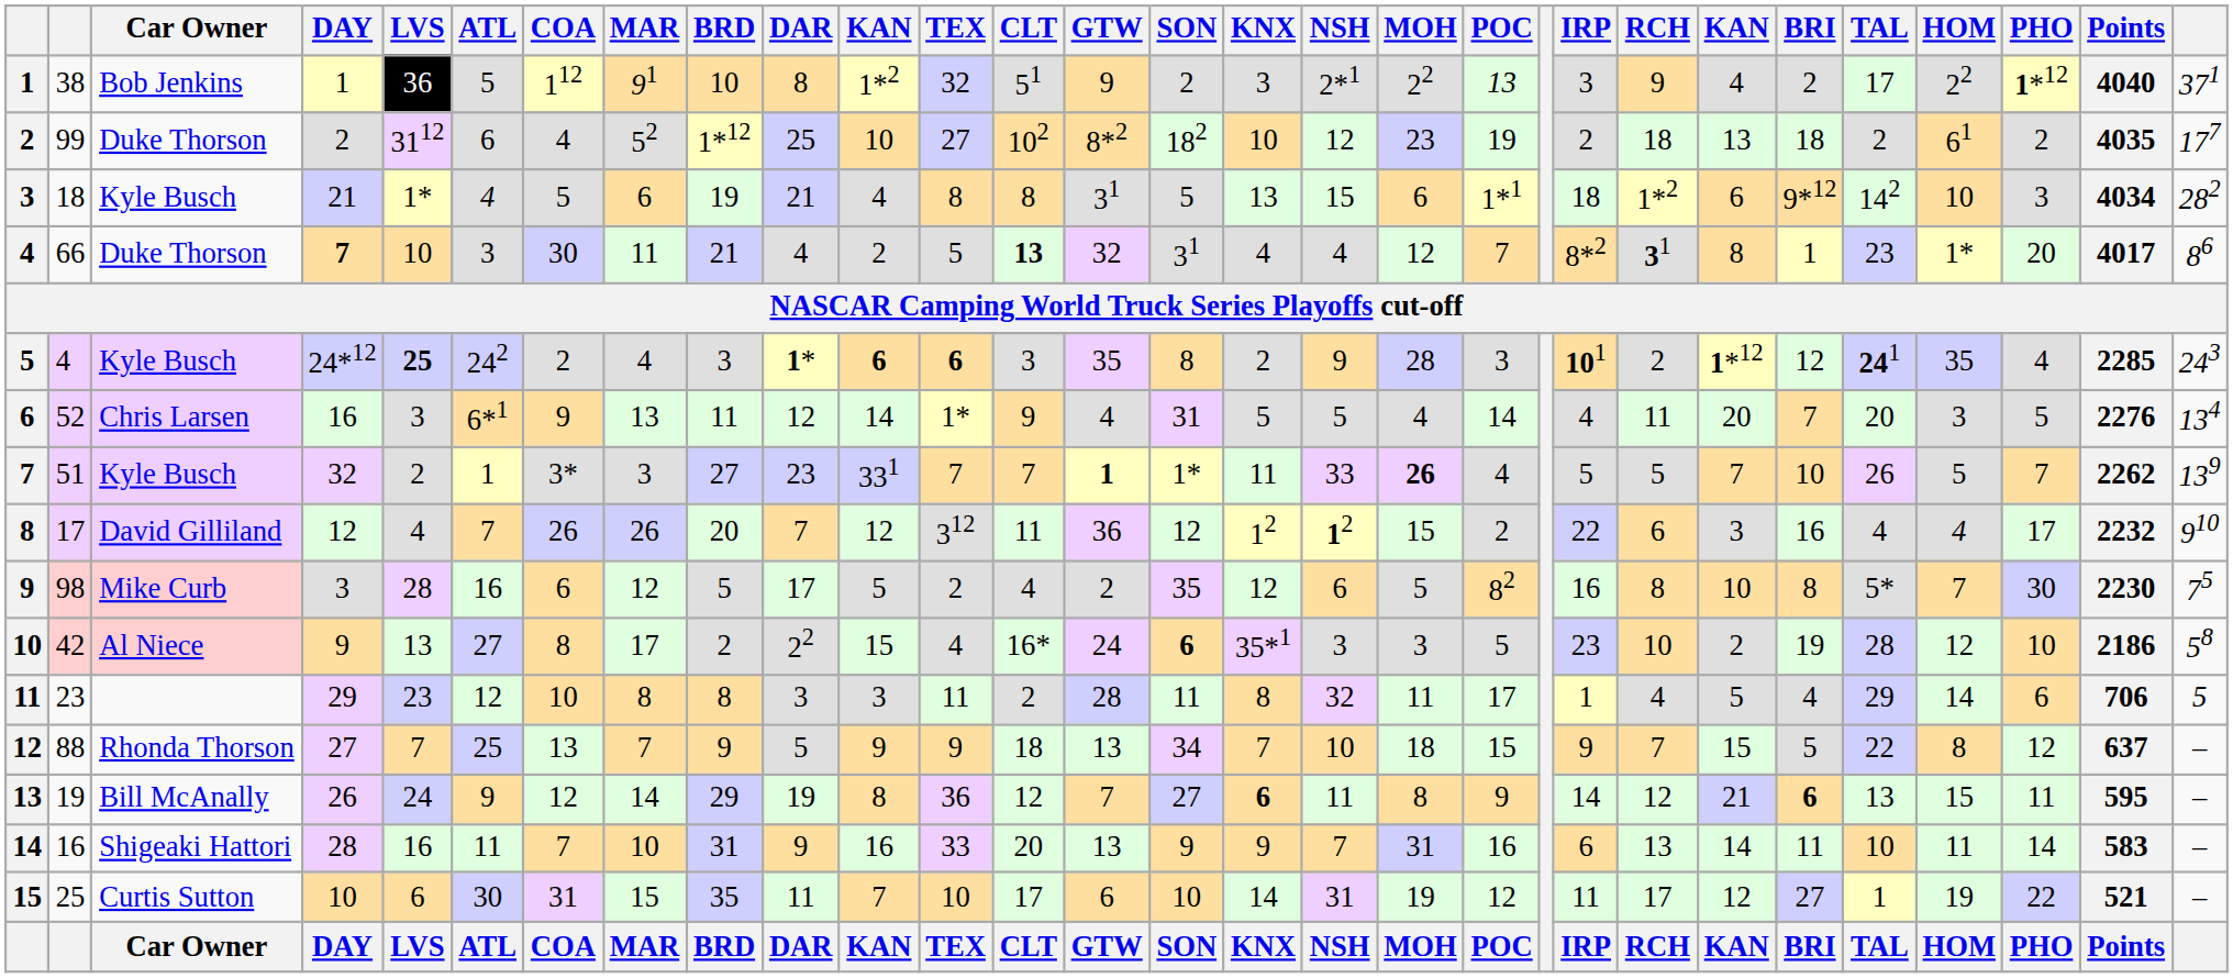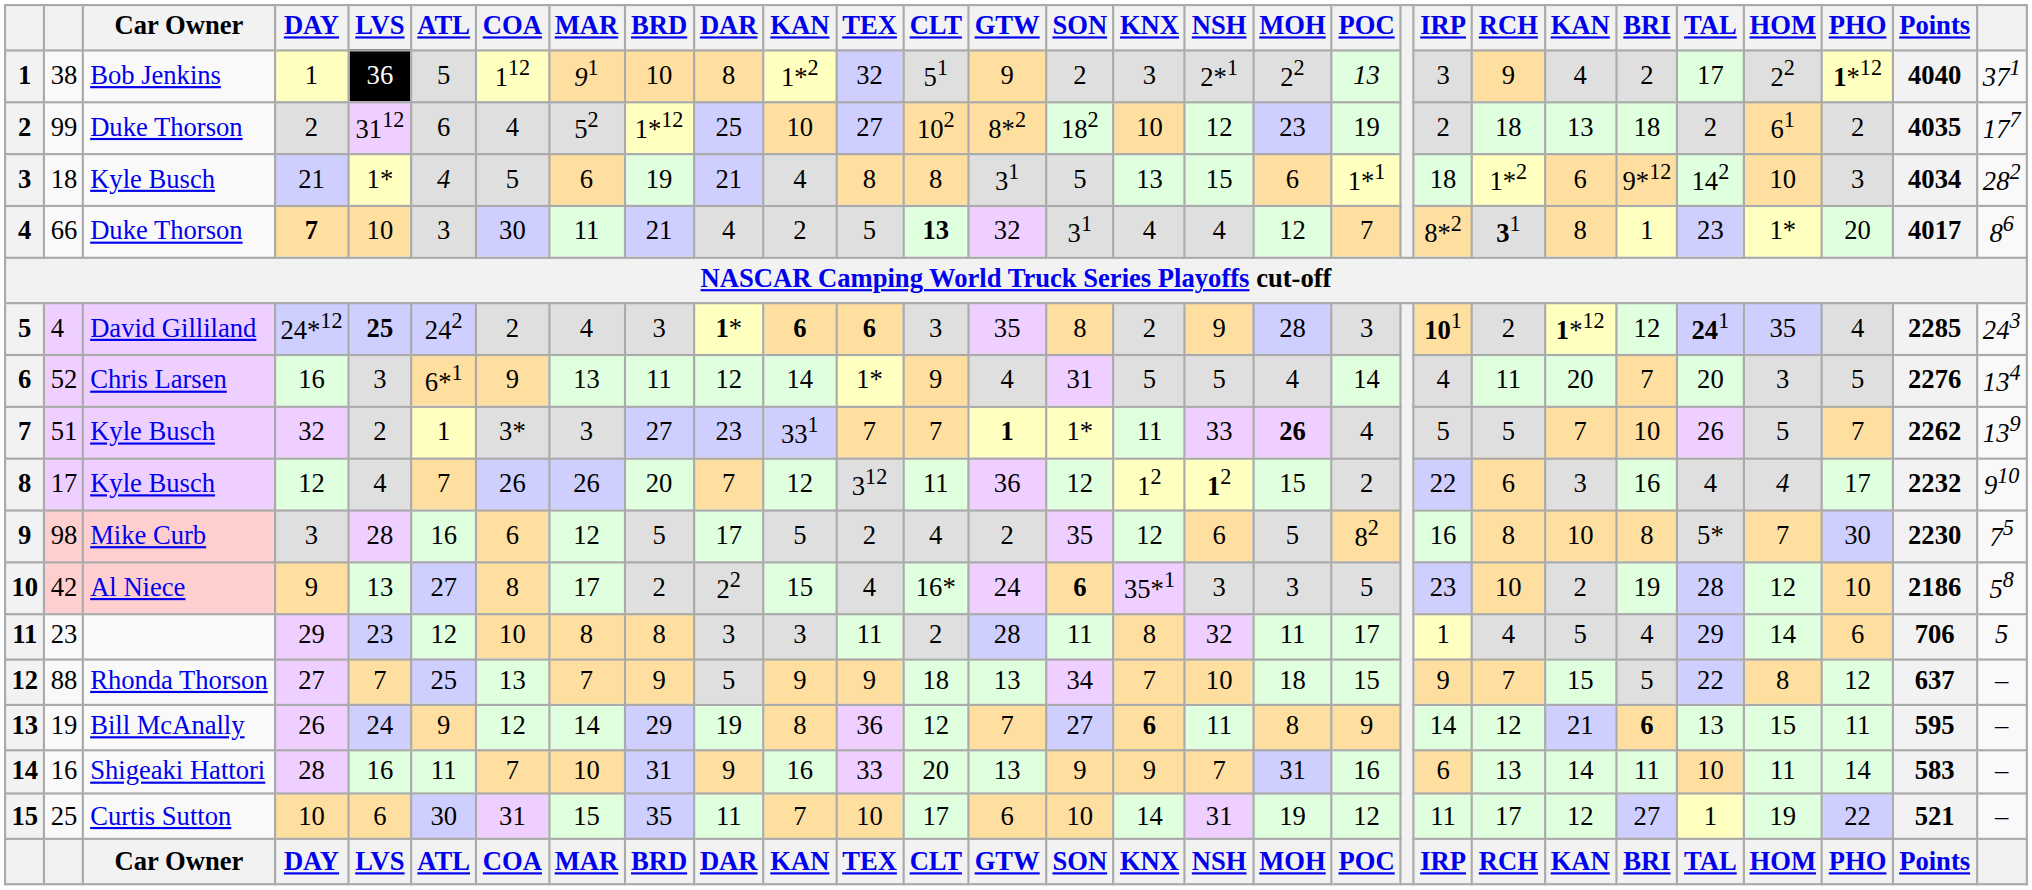 <table class="wikitable" style="font-size:77%; text-align:center;">
 <tr style="vertical-align:top">
 <th style="vertical-align:middle"></th>
 <th style="vertical-align:middle"></th>
 <th style="vertical-align:middle">Car Owner</th>
 <th><a href='#'>DAY</a></th>
 <th><a href='#'>LVS</a></th>
 <th><a href='#'>ATL</a></th>
 <th><a href='#'>COA</a></th>
 <th><a href='#'>MAR</a></th>
 <th><a href='#'>BRD</a></th>
 <th><a href='#'>DAR</a></th>
 <th><a href='#'>KAN</a></th>
 <th><a href='#'>TEX</a></th>
 <th><a href='#'>CLT</a></th>
 <th><a href='#'>GTW</a></th>
 <th><a href='#'>SON</a></th>
 <th><a href='#'>KNX</a></th>
 <th><a href='#'>NSH</a></th>
 <th><a href='#'>MOH</a></th>
 <th><a href='#'>POC</a></th>
 <th rowspan=5></th>
 <th><a href='#'>IRP</a></th>
 <th><a href='#'>RCH</a></th>
 <th><a href='#'>KAN</a></th>
 <th><a href='#'>BRI</a></th>
 <th><a href='#'>TAL</a></th>
 <th><a href='#'>HOM</a></th>
 <th><a href='#'>PHO</a></th>
 <th style="vertical-align:middle"><a href='#'>Points</a></th>
 <th style="vertical-align:middle"></th>
 </tr>
 <tr>
 <th>1</th>
 <td style="text-align:left">38</td>
 <td style="text-align:left"><a href='#'>Bob Jenkins</a></td>
 <td style="background:#ffffbf">1</td>
 <td style="background:#000000; color:white;">36</td>
 <td style="background:#dfdfdf">5</td>
 <td style="background:#ffffbf">1<sup>12</sup></td>
 <td style="background:#ffdf9f"><em>9</em><sup>1</sup></td>
 <td style="background:#ffdf9f">10</td>
 <td style="background:#ffdf9f">8</td>
 <td style="background:#ffffbf">1*<sup>2</sup></td>
 <td style="background:#cfcfff">32</td>
 <td style="background:#dfdfdf">5<sup>1</sup></td>
 <td style="background:#ffdf9f">9</td>
 <td style="background:#dfdfdf">2</td>
 <td style="background:#dfdfdf">3</td>
 <td style="background:#dfdfdf">2*<sup>1</sup></td>
 <td style="background:#dfdfdf">2<sup>2</sup></td>
 <td style="background:#dfffdf"><em>13</em></td>
 <td style="background:#dfdfdf">3</td>
 <td style="background:#ffdf9f">9</td>
 <td style="background:#dfdfdf">4</td>
 <td style="background:#dfdfdf">2</td>
 <td style="background:#dfffdf">17</td>
 <td style="background:#dfdfdf">2<sup>2</sup></td>
 <td style="background:#ffffbf"><strong>1</strong>*<sup>12</sup></td>
 <th>4040</th>
 <td><em>37<sup>1</sup></em></td>
 </tr>
 <tr>
 <th>2</th>
 <td style="text-align:left">99</td>
 <td style="text-align:left"><a href='#'>Duke Thorson</a></td>
 <td style="background:#dfdfdf">2</td>
 <td style="background:#efcfff">31<sup>12</sup></td>
 <td style="background:#dfdfdf">6</td>
 <td style="background:#dfdfdf">4</td>
 <td style="background:#dfdfdf">5<sup>2</sup></td>
 <td style="background:#ffffbf">1*<sup>12</sup></td>
 <td style="background:#cfcfff">25</td>
 <td style="background:#ffdf9f">10</td>
 <td style="background:#cfcfff">27</td>
 <td style="background:#ffdf9f">10<sup>2</sup></td>
 <td style="background:#ffdf9f">8*<sup>2</sup></td>
 <td style="background:#dfffdf">18<sup>2</sup></td>
 <td style="background:#ffdf9f">10</td>
 <td style="background:#dfffdf">12</td>
 <td style="background:#cfcfff">23</td>
 <td style="background:#dfffdf">19</td>
 <td style="background:#dfdfdf">2</td>
 <td style="background:#dfffdf">18</td>
 <td style="background:#dfffdf">13</td>
 <td style="background:#dfffdf">18</td>
 <td style="background:#dfdfdf">2</td>
 <td style="background:#ffdf9f">6<sup>1</sup></td>
 <td style="background:#dfdfdf">2</td>
 <th>4035</th>
 <td><em>17<sup>7</sup></em></td>
 </tr>
 <tr>
 <th>3</th>
 <td style="text-align:left">18</td>
 <td style="text-align:left"><a href='#'>Kyle Busch</a></td>
 <td style="background:#cfcfff">21</td>
 <td style="background:#ffffbf">1*</td>
 <td style="background:#dfdfdf"><em>4</em></td>
 <td style="background:#dfdfdf">5</td>
 <td style="background:#ffdf9f">6</td>
 <td style="background:#dfffdf">19</td>
 <td style="background:#cfcfff">21</td>
 <td style="background:#dfdfdf">4</td>
 <td style="background:#ffdf9f">8</td>
 <td style="background:#ffdf9f">8</td>
 <td style="background:#dfdfdf">3<sup>1</sup></td>
 <td style="background:#dfdfdf">5</td>
 <td style="background:#dfffdf">13</td>
 <td style="background:#dfffdf">15</td>
 <td style="background:#ffdf9f">6</td>
 <td style="background:#ffffbf">1*<sup>1</sup></td>
 <td style="background:#dfffdf">18</td>
 <td style="background:#ffffbf">1*<sup>2</sup></td>
 <td style="background:#ffdf9f">6</td>
 <td style="background:#ffdf9f">9*<sup>12</sup></td>
 <td style="background:#dfffdf">14<sup>2</sup></td>
 <td style="background:#ffdf9f">10</td>
 <td style="background:#dfdfdf">3</td>
 <th>4034</th>
 <td><em>28<sup>2</sup></em></td>
 </tr>
 <tr>
 <th>4</th>
 <td style="text-align:left">66</td>
 <td style="text-align:left"><a href='#'>Duke Thorson</a></td>
 <td style="background:#ffdf9f"><strong>7</strong></td>
 <td style="background:#ffdf9f">10</td>
 <td style="background:#dfdfdf">3</td>
 <td style="background:#cfcfff">30</td>
 <td style="background:#dfffdf">11</td>
 <td style="background:#cfcfff">21</td>
 <td style="background:#dfdfdf">4</td>
 <td style="background:#dfdfdf">2</td>
 <td style="background:#dfdfdf">5</td>
 <td style="background:#dfffdf"><strong>13</strong></td>
 <td style="background:#efcfff">32</td>
 <td style="background:#dfdfdf">3<sup>1</sup></td>
 <td style="background:#dfdfdf">4</td>
 <td style="background:#dfdfdf">4</td>
 <td style="background:#dfffdf">12</td>
 <td style="background:#ffdf9f">7</td>
 <td style="background:#ffdf9f">8*<sup>2</sup></td>
 <td style="background:#dfdfdf"><strong>3</strong><sup>1</sup></td>
 <td style="background:#ffdf9f">8</td>
 <td style="background:#ffffbf">1</td>
 <td style="background:#cfcfff">23</td>
 <td style="background:#ffffbf">1*</td>
 <td style="background:#dfffdf">20</td>
 <th>4017</th>
 <td><em>8<sup>6</sup></em></td>
 </tr>
 <tr>
 <th colspan="30"><a href='#'>NASCAR Camping World Truck Series Playoffs</a> cut-off</th>
 </tr>
 <tr>
 <th>5</th>
 <td style="background:#efcfff" align="left">4</td>
-<td style="background:#efcfff" align="left"><a href='#'>Kyle Busch</a></td>
+<td style="background:#efcfff" align="left"><a href='#'>David Gilliland</a></td>
 <td style="background:#cfcfff">24*<sup>12</sup></td>
 <td style="background:#cfcfff"><strong>25</strong></td>
 <td style="background:#cfcfff">24<sup>2</sup></td>
 <td style="background:#dfdfdf">2</td>
 <td style="background:#dfdfdf">4</td>
 <td style="background:#dfdfdf">3</td>
 <td style="background:#ffffbf"><strong>1</strong>*</td>
 <td style="background:#ffdf9f"><strong>6</strong></td>
 <td style="background:#ffdf9f"><strong>6</strong></td>
 <td style="background:#dfdfdf">3</td>
 <td style="background:#efcfff">35</td>
 <td style="background:#ffdf9f">8</td>
 <td style="background:#dfdfdf">2</td>
 <td style="background:#ffdf9f">9</td>
 <td style="background:#cfcfff">28</td>
 <td style="background:#dfdfdf">3</td>
 <th rowspan=14></th>
 <td style="background:#ffdf9f"><strong>10</strong><sup>1</sup></td>
 <td style="background:#dfdfdf">2</td>
 <td style="background:#ffffbf"><strong>1</strong>*<sup>12</sup></td>
 <td style="background:#dfffdf">12</td>
 <td style="background:#cfcfff"><strong>24</strong><sup>1</sup></td>
 <td style="background:#cfcfff">35</td>
 <td style="background:#dfdfdf">4</td>
 <th>2285</th>
 <td><em>24<sup>3</sup></em></td>
 </tr>
 <tr>
 <th>6</th>
 <td style="background:#efcfff" align="left">52</td>
 <td style="background:#efcfff" align="left"><a href='#'>Chris Larsen</a></td>
 <td style="background:#dfffdf">16</td>
 <td style="background:#dfdfdf">3</td>
 <td style="background:#ffdf9f">6*<sup>1</sup></td>
 <td style="background:#ffdf9f">9</td>
 <td style="background:#dfffdf">13</td>
 <td style="background:#dfffdf">11</td>
 <td style="background:#dfffdf">12</td>
 <td style="background:#dfffdf">14</td>
 <td style="background:#ffffbf">1*</td>
 <td style="background:#ffdf9f">9</td>
 <td style="background:#dfdfdf">4</td>
 <td style="background:#efcfff">31</td>
 <td style="background:#dfdfdf">5</td>
 <td style="background:#dfdfdf">5</td>
 <td style="background:#dfdfdf">4</td>
 <td style="background:#dfffdf">14</td>
 <td style="background:#dfdfdf">4</td>
 <td style="background:#dfffdf">11</td>
 <td style="background:#dfffdf">20</td>
 <td style="background:#ffdf9f">7</td>
 <td style="background:#dfffdf">20</td>
 <td style="background:#dfdfdf">3</td>
 <td style="background:#dfdfdf">5</td>
 <th>2276</th>
 <td><em>13<sup>4</sup></em></td>
 </tr>
 <tr>
 <th>7</th>
 <td style="background:#efcfff" align="left">51</td>
 <td style="background:#efcfff" align="left"><a href='#'>Kyle Busch</a></td>
 <td style="background:#efcfff">32</td>
 <td style="background:#dfdfdf">2</td>
 <td style="background:#ffffbf">1</td>
 <td style="background:#dfdfdf">3*</td>
 <td style="background:#dfdfdf">3</td>
 <td style="background:#cfcfff">27</td>
 <td style="background:#cfcfff">23</td>
 <td style="background:#cfcfff">33<sup>1</sup></td>
 <td style="background:#ffdf9f">7</td>
 <td style="background:#ffdf9f">7</td>
 <td style="background:#ffffbf"><strong>1</strong></td>
 <td style="background:#ffffbf">1*</td>
 <td style="background:#dfffdf">11</td>
 <td style="background:#efcfff">33</td>
 <td style="background:#efcfff"><strong>26</strong></td>
 <td style="background:#dfdfdf">4</td>
 <td style="background:#dfdfdf">5</td>
 <td style="background:#dfdfdf">5</td>
 <td style="background:#ffdf9f">7</td>
 <td style="background:#ffdf9f">10</td>
 <td style="background:#efcfff">26</td>
 <td style="background:#dfdfdf">5</td>
 <td style="background:#ffdf9f">7</td>
 <th>2262</th>
 <td><em>13<sup>9</sup></em></td>
 </tr>
 <tr>
 <th>8</th>
 <td style="background:#efcfff" align="left">17</td>
-<td style="background:#efcfff" align="left"><a href='#'>David Gilliland</a></td>
+<td style="background:#efcfff" align="left"><a href='#'>Kyle Busch</a></td>
 <td style="background:#dfffdf">12</td>
 <td style="background:#dfdfdf">4</td>
 <td style="background:#ffdf9f">7</td>
 <td style="background:#cfcfff">26</td>
 <td style="background:#cfcfff">26</td>
 <td style="background:#dfffdf">20</td>
 <td style="background:#ffdf9f">7</td>
 <td style="background:#dfffdf">12</td>
 <td style="background:#dfdfdf">3<sup>12</sup></td>
 <td style="background:#dfffdf">11</td>
 <td style="background:#efcfff">36</td>
 <td style="background:#dfffdf">12</td>
 <td style="background:#ffffbf">1<sup>2</sup></td>
 <td style="background:#ffffbf"><strong>1</strong><sup>2</sup></td>
 <td style="background:#dfffdf">15</td>
 <td style="background:#dfdfdf">2</td>
 <td style="background:#cfcfff">22</td>
 <td style="background:#ffdf9f">6</td>
 <td style="background:#dfdfdf">3</td>
 <td style="background:#dfffdf">16</td>
 <td style="background:#dfdfdf">4</td>
 <td style="background:#dfdfdf"><em>4</em></td>
 <td style="background:#dfffdf">17</td>
 <th>2232</th>
 <td><em>9<sup>10</sup></em></td>
 </tr>
 <tr>
 <th>9</th>
 <td style="background:#ffcfcf" align="left">98</td>
 <td style="background:#ffcfcf" align="left"><a href='#'>Mike Curb</a></td>
 <td style="background:#dfdfdf">3</td>
 <td style="background:#efcfff">28</td>
 <td style="background:#dfffdf">16</td>
 <td style="background:#ffdf9f">6</td>
 <td style="background:#dfffdf">12</td>
 <td style="background:#dfdfdf">5</td>
 <td style="background:#dfffdf">17</td>
 <td style="background:#dfdfdf">5</td>
 <td style="background:#dfdfdf">2</td>
 <td style="background:#dfdfdf">4</td>
 <td style="background:#dfdfdf">2</td>
 <td style="background:#efcfff">35</td>
 <td style="background:#dfffdf">12</td>
 <td style="background:#ffdf9f">6</td>
 <td style="background:#dfdfdf">5</td>
 <td style="background:#ffdf9f">8<sup>2</sup></td>
 <td style="background:#dfffdf">16</td>
 <td style="background:#ffdf9f">8</td>
 <td style="background:#ffdf9f">10</td>
 <td style="background:#ffdf9f">8</td>
 <td style="background:#dfdfdf">5*</td>
 <td style="background:#ffdf9f">7</td>
 <td style="background:#cfcfff">30</td>
 <th>2230</th>
 <td><em>7<sup>5</sup></em></td>
 </tr>
 <tr>
 <th>10</th>
 <td style="background:#ffcfcf" align="left">42</td>
 <td style="background:#ffcfcf" align="left"><a href='#'>Al Niece</a></td>
 <td style="background:#ffdf9f">9</td>
 <td style="background:#dfffdf">13</td>
 <td style="background:#cfcfff">27</td>
 <td style="background:#ffdf9f">8</td>
 <td style="background:#dfffdf">17</td>
 <td style="background:#dfdfdf">2</td>
 <td style="background:#dfdfdf">2<sup>2</sup></td>
 <td style="background:#dfffdf">15</td>
 <td style="background:#dfdfdf">4</td>
 <td style="background:#dfffdf">16*</td>
 <td style="background:#efcfff">24</td>
 <td style="background:#ffdf9f"><strong>6</strong></td>
 <td style="background:#efcfff">35*<sup>1</sup></td>
 <td style="background:#dfdfdf">3</td>
 <td style="background:#dfdfdf">3</td>
 <td style="background:#dfdfdf">5</td>
 <td style="background:#cfcfff">23</td>
 <td style="background:#ffdf9f">10</td>
 <td style="background:#dfdfdf">2</td>
 <td style="background:#dfffdf">19</td>
 <td style="background:#cfcfff">28</td>
 <td style="background:#dfffdf">12</td>
 <td style="background:#ffdf9f">10</td>
 <th>2186</th>
 <td><em>5<sup>8</sup></em></td>
 </tr>
 <tr>
 <th>11</th>
 <td style="text-align:left">23</td>
 <td style="text-align:left"></td>
 <td style="background:#efcfff">29</td>
 <td style="background:#cfcfff">23</td>
 <td style="background:#dfffdf">12</td>
 <td style="background:#ffdf9f">10</td>
 <td style="background:#ffdf9f">8</td>
 <td style="background:#ffdf9f">8</td>
 <td style="background:#dfdfdf">3</td>
 <td style="background:#dfdfdf">3</td>
 <td style="background:#dfffdf">11</td>
 <td style="background:#dfdfdf">2</td>
 <td style="background:#cfcfff">28</td>
 <td style="background:#dfffdf">11</td>
 <td style="background:#ffdf9f">8</td>
 <td style="background:#efcfff">32</td>
 <td style="background:#dfffdf">11</td>
 <td style="background:#dfffdf">17</td>
 <td style="background:#ffffbf">1</td>
 <td style="background:#dfdfdf">4</td>
 <td style="background:#dfdfdf">5</td>
 <td style="background:#dfdfdf">4</td>
 <td style="background:#cfcfff">29</td>
 <td style="background:#dfffdf">14</td>
 <td style="background:#ffdf9f">6</td>
 <th>706</th>
 <td><em>5</em></td>
 </tr>
 <tr>
 <th>12</th>
 <td style="text-align:left">88</td>
 <td style="text-align:left"><a href='#'>Rhonda Thorson</a></td>
 <td style="background:#efcfff">27</td>
 <td style="background:#ffdf9f">7</td>
 <td style="background:#cfcfff">25</td>
 <td style="background:#dfffdf">13</td>
 <td style="background:#ffdf9f">7</td>
 <td style="background:#ffdf9f">9</td>
 <td style="background:#dfdfdf">5</td>
 <td style="background:#ffdf9f">9</td>
 <td style="background:#ffdf9f">9</td>
 <td style="background:#dfffdf">18</td>
 <td style="background:#dfffdf">13</td>
 <td style="background:#efcfff">34</td>
 <td style="background:#ffdf9f">7</td>
 <td style="background:#ffdf9f">10</td>
 <td style="background:#dfffdf">18</td>
 <td style="background:#dfffdf">15</td>
 <td style="background:#ffdf9f">9</td>
 <td style="background:#ffdf9f">7</td>
 <td style="background:#dfffdf">15</td>
 <td style="background:#dfdfdf">5</td>
 <td style="background:#cfcfff">22</td>
 <td style="background:#ffdf9f">8</td>
 <td style="background:#dfffdf">12</td>
 <th>637</th>
 <td><em>–</em></td>
 </tr>
 <tr>
 <th>13</th>
 <td style="text-align:left">19</td>
 <td style="text-align:left"><a href='#'>Bill McAnally</a></td>
 <td style="background:#efcfff">26</td>
 <td style="background:#cfcfff">24</td>
 <td style="background:#ffdf9f">9</td>
 <td style="background:#dfffdf">12</td>
 <td style="background:#dfffdf">14</td>
 <td style="background:#cfcfff">29</td>
 <td style="background:#dfffdf">19</td>
 <td style="background:#ffdf9f">8</td>
 <td style="background:#efcfff">36</td>
 <td style="background:#dfffdf">12</td>
 <td style="background:#ffdf9f">7</td>
 <td style="background:#cfcfff">27</td>
 <td style="background:#ffdf9f"><strong>6</strong></td>
 <td style="background:#dfffdf">11</td>
 <td style="background:#ffdf9f">8</td>
 <td style="background:#ffdf9f">9</td>
 <td style="background:#dfffdf">14</td>
 <td style="background:#dfffdf">12</td>
 <td style="background:#cfcfff">21</td>
 <td style="background:#ffdf9f"><strong>6</strong></td>
 <td style="background:#dfffdf">13</td>
 <td style="background:#dfffdf">15</td>
 <td style="background:#dfffdf">11</td>
 <th>595</th>
 <td><em>–</em></td>
 </tr>
 <tr>
 <th>14</th>
 <td style="text-align:left">16</td>
 <td style="text-align:left"><a href='#'>Shigeaki Hattori</a></td>
 <td style="background:#efcfff">28</td>
 <td style="background:#dfffdf">16</td>
 <td style="background:#dfffdf">11</td>
 <td style="background:#ffdf9f">7</td>
 <td style="background:#ffdf9f">10</td>
 <td style="background:#cfcfff">31</td>
 <td style="background:#ffdf9f">9</td>
 <td style="background:#dfffdf">16</td>
 <td style="background:#efcfff">33</td>
 <td style="background:#dfffdf">20</td>
 <td style="background:#dfffdf">13</td>
 <td style="background:#ffdf9f">9</td>
 <td style="background:#ffdf9f">9</td>
 <td style="background:#ffdf9f">7</td>
 <td style="background:#cfcfff">31</td>
 <td style="background:#dfffdf">16</td>
 <td style="background:#ffdf9f">6</td>
 <td style="background:#dfffdf">13</td>
 <td style="background:#dfffdf">14</td>
 <td style="background:#dfffdf">11</td>
 <td style="background:#ffdf9f">10</td>
 <td style="background:#dfffdf">11</td>
 <td style="background:#dfffdf">14</td>
 <th>583</th>
 <td><em>–</em></td>
 </tr>
 <tr>
 <th>15</th>
 <td style="text-align:left">25</td>
 <td style="text-align:left"><a href='#'>Curtis Sutton</a></td>
 <td style="background:#ffdf9f">10</td>
 <td style="background:#ffdf9f">6</td>
 <td style="background:#cfcfff">30</td>
 <td style="background:#efcfff">31</td>
 <td style="background:#dfffdf">15</td>
 <td style="background:#cfcfff">35</td>
 <td style="background:#dfffdf">11</td>
 <td style="background:#ffdf9f">7</td>
 <td style="background:#ffdf9f">10</td>
 <td style="background:#dfffdf">17</td>
 <td style="background:#ffdf9f">6</td>
 <td style="background:#ffdf9f">10</td>
 <td style="background:#dfffdf">14</td>
 <td style="background:#efcfff">31</td>
 <td style="background:#dfffdf">19</td>
 <td style="background:#dfffdf">12</td>
 <td style="background:#dfffdf">11</td>
 <td style="background:#dfffdf">17</td>
 <td style="background:#dfffdf">12</td>
 <td style="background:#cfcfff">27</td>
 <td style="background:#ffffbf">1</td>
 <td style="background:#dfffdf">19</td>
 <td style="background:#cfcfff">22</td>
 <th>521</th>
 <td><em>–</em></td>
 </tr>
 <tr>
 <th style="vertical-align:middle"></th>
 <th style="vertical-align:middle"></th>
 <th style="vertical-align:middle">Car Owner</th>
 <th><a href='#'>DAY</a></th>
 <th><a href='#'>LVS</a></th>
 <th><a href='#'>ATL</a></th>
 <th><a href='#'>COA</a></th>
 <th><a href='#'>MAR</a></th>
 <th><a href='#'>BRD</a></th>
 <th><a href='#'>DAR</a></th>
 <th><a href='#'>KAN</a></th>
 <th><a href='#'>TEX</a></th>
 <th><a href='#'>CLT</a></th>
 <th><a href='#'>GTW</a></th>
 <th><a href='#'>SON</a></th>
 <th><a href='#'>KNX</a></th>
 <th><a href='#'>NSH</a></th>
 <th><a href='#'>MOH</a></th>
 <th><a href='#'>POC</a></th>
 <th><a href='#'>IRP</a></th>
 <th><a href='#'>RCH</a></th>
 <th><a href='#'>KAN</a></th>
 <th><a href='#'>BRI</a></th>
 <th><a href='#'>TAL</a></th>
 <th><a href='#'>HOM</a></th>
 <th><a href='#'>PHO</a></th>
 <th style="vertical-align:middle"><a href='#'>Points</a></th>
 <th style="vertical-align:middle"></th>
 </tr>
 </table>
